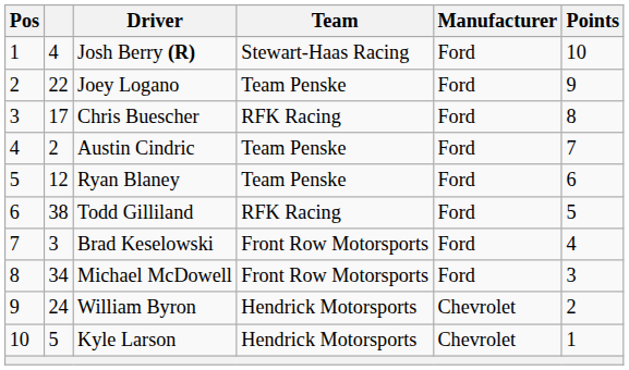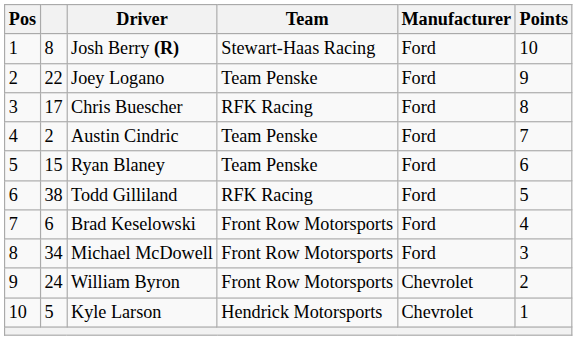 <table class="wikitable" style="font-size:98%">
 <tr>
 <th>Pos</th>
 <th></th>
 <th>Driver</th>
 <th>Team</th>
 <th>Manufacturer</th>
 <th>Points</th>
 </tr>
 <tr>
 <td>1</td>
-<td>4</td>
+<td>8</td>
 <td>Josh Berry <strong>(R)</strong></td>
 <td>Stewart-Haas Racing</td>
 <td>Ford</td>
 <td>10</td>
 </tr>
 <tr>
 <td>2</td>
 <td>22</td>
 <td>Joey Logano</td>
 <td>Team Penske</td>
 <td>Ford</td>
 <td>9</td>
 </tr>
 <tr>
 <td>3</td>
 <td>17</td>
 <td>Chris Buescher</td>
 <td>RFK Racing</td>
 <td>Ford</td>
 <td>8</td>
 </tr>
 <tr>
 <td>4</td>
 <td>2</td>
 <td>Austin Cindric</td>
 <td>Team Penske</td>
 <td>Ford</td>
 <td>7</td>
 </tr>
 <tr>
 <td>5</td>
-<td>12</td>
+<td>15</td>
 <td>Ryan Blaney</td>
 <td>Team Penske</td>
 <td>Ford</td>
 <td>6</td>
 </tr>
 <tr>
 <td>6</td>
 <td>38</td>
 <td>Todd Gilliland</td>
 <td>RFK Racing</td>
 <td>Ford</td>
 <td>5</td>
 </tr>
 <tr>
 <td>7</td>
-<td>3</td>
+<td>6</td>
 <td>Brad Keselowski</td>
 <td>Front Row Motorsports</td>
 <td>Ford</td>
 <td>4</td>
 </tr>
 <tr>
 <td>8</td>
 <td>34</td>
 <td>Michael McDowell</td>
 <td>Front Row Motorsports</td>
 <td>Ford</td>
 <td>3</td>
 </tr>
 <tr>
 <td>9</td>
 <td>24</td>
 <td>William Byron</td>
-<td>Hendrick Motorsports</td>
+<td>Front Row Motorsports</td>
 <td>Chevrolet</td>
 <td>2</td>
 </tr>
 <tr>
 <td>10</td>
 <td>5</td>
 <td>Kyle Larson</td>
 <td>Hendrick Motorsports</td>
 <td>Chevrolet</td>
 <td>1</td>
 </tr>
 <tr>
 <th colspan="6"></th>
 </tr>
 </table>
